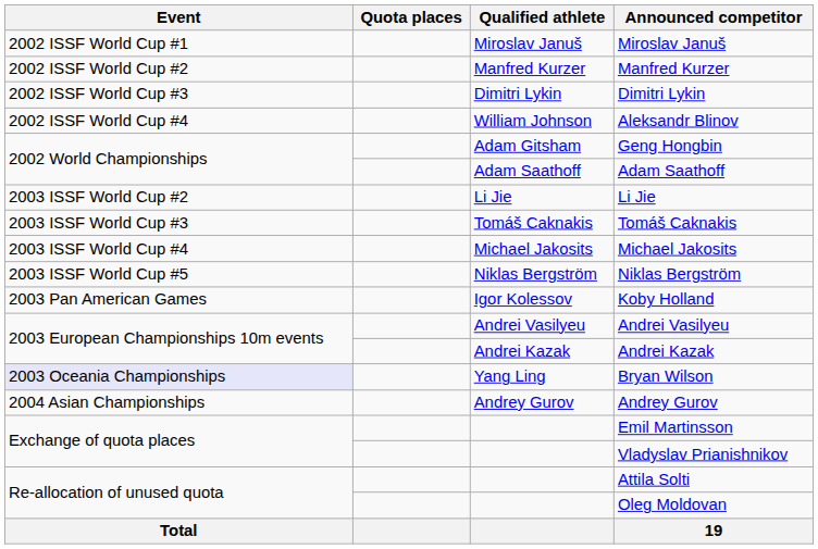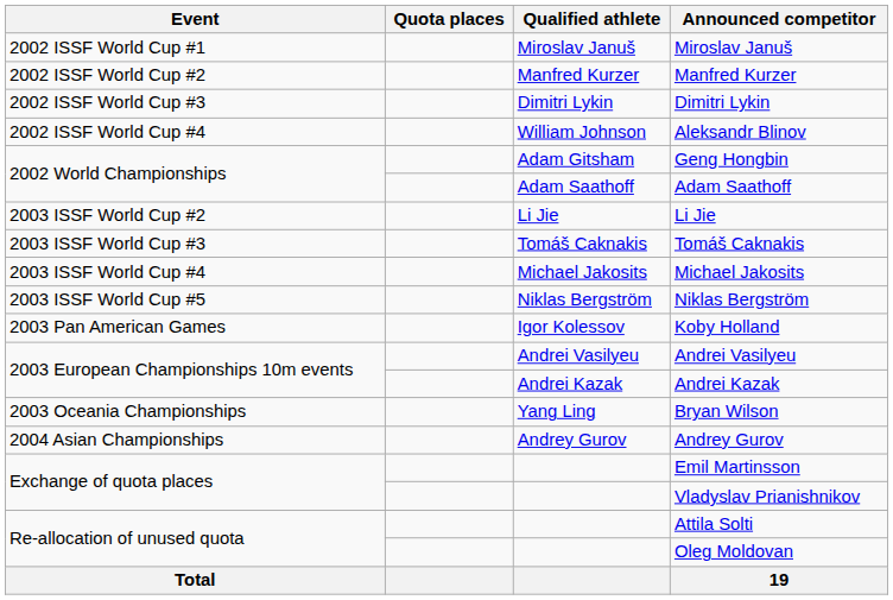 <table class=wikitable style="text-align:left" width=800>
 <tr>
 <th>Event</th>
 <th>Quota places</th>
 <th>Qualified athlete</th>
 <th>Announced competitor</th>
 </tr>
 <tr>
 <td>2002 ISSF World Cup #1</td>
 <td></td>
 <td><a href='#'>Miroslav Januš</a></td>
 <td><a href='#'>Miroslav Januš</a></td>
 </tr>
 <tr>
 <td>2002 ISSF World Cup #2</td>
 <td></td>
 <td><a href='#'>Manfred Kurzer</a></td>
 <td><a href='#'>Manfred Kurzer</a></td>
 </tr>
 <tr>
 <td>2002 ISSF World Cup #3</td>
 <td></td>
 <td><a href='#'>Dimitri Lykin</a></td>
 <td><a href='#'>Dimitri Lykin</a></td>
 </tr>
 <tr>
 <td>2002 ISSF World Cup #4</td>
 <td></td>
 <td><a href='#'>William Johnson</a></td>
 <td><a href='#'>Aleksandr Blinov</a></td>
 </tr>
 <tr>
 <td rowspan=2>2002 World Championships</td>
 <td></td>
 <td><a href='#'>Adam Gitsham</a></td>
 <td><a href='#'>Geng Hongbin</a></td>
 </tr>
 <tr>
 <td></td>
 <td><a href='#'>Adam Saathoff</a></td>
 <td><a href='#'>Adam Saathoff</a></td>
 </tr>
 <tr>
 <td>2003 ISSF World Cup #2</td>
 <td></td>
 <td><a href='#'>Li Jie</a></td>
 <td><a href='#'>Li Jie</a></td>
 </tr>
 <tr>
 <td>2003 ISSF World Cup #3</td>
 <td></td>
 <td><a href='#'>Tomáš Caknakis</a></td>
 <td><a href='#'>Tomáš Caknakis</a></td>
 </tr>
 <tr>
 <td>2003 ISSF World Cup #4</td>
 <td></td>
 <td><a href='#'>Michael Jakosits</a></td>
 <td><a href='#'>Michael Jakosits</a></td>
 </tr>
 <tr>
 <td>2003 ISSF World Cup #5</td>
 <td></td>
 <td><a href='#'>Niklas Bergström</a></td>
 <td><a href='#'>Niklas Bergström</a></td>
 </tr>
 <tr>
 <td>2003 Pan American Games</td>
 <td></td>
 <td><a href='#'>Igor Kolessov</a></td>
 <td><a href='#'>Koby Holland</a></td>
 </tr>
 <tr>
 <td rowspan=2>2003 European Championships 10m events</td>
 <td></td>
 <td><a href='#'>Andrei Vasilyeu</a></td>
 <td><a href='#'>Andrei Vasilyeu</a></td>
 </tr>
 <tr>
 <td></td>
 <td><a href='#'>Andrei Kazak</a></td>
 <td><a href='#'>Andrei Kazak</a></td>
 </tr>
 <tr>
-<td style="background: lavender;">2003 Oceania Championships</td>
+<td>2003 Oceania Championships</td>
 <td></td>
 <td><a href='#'>Yang Ling</a></td>
 <td><a href='#'>Bryan Wilson</a></td>
 </tr>
 <tr>
 <td>2004 Asian Championships</td>
 <td></td>
 <td><a href='#'>Andrey Gurov</a></td>
 <td><a href='#'>Andrey Gurov</a></td>
 </tr>
 <tr>
 <td rowspan=2>Exchange of quota places</td>
 <td></td>
 <td></td>
 <td><a href='#'>Emil Martinsson</a></td>
 </tr>
 <tr>
 <td></td>
 <td></td>
 <td><a href='#'>Vladyslav Prianishnikov</a></td>
 </tr>
 <tr>
 <td rowspan=2>Re-allocation of unused quota</td>
 <td></td>
 <td></td>
 <td><a href='#'>Attila Solti</a></td>
 </tr>
 <tr>
 <td></td>
 <td></td>
 <td><a href='#'>Oleg Moldovan</a></td>
 </tr>
 <tr>
 <th>Total</th>
 <th></th>
 <th></th>
 <th>19</th>
 </tr>
 </table>
